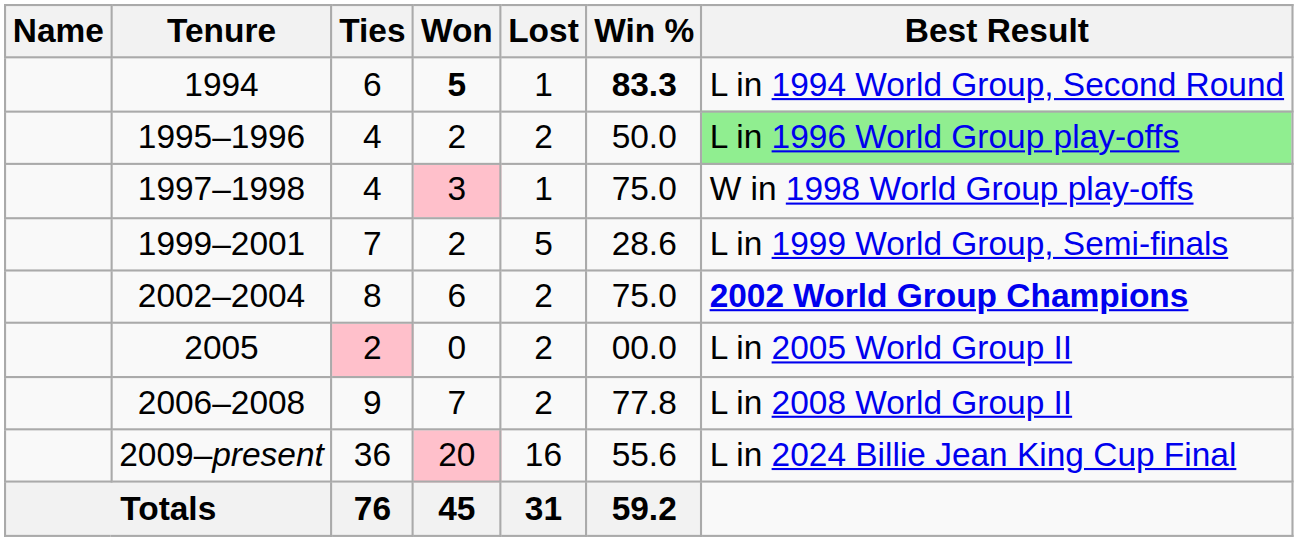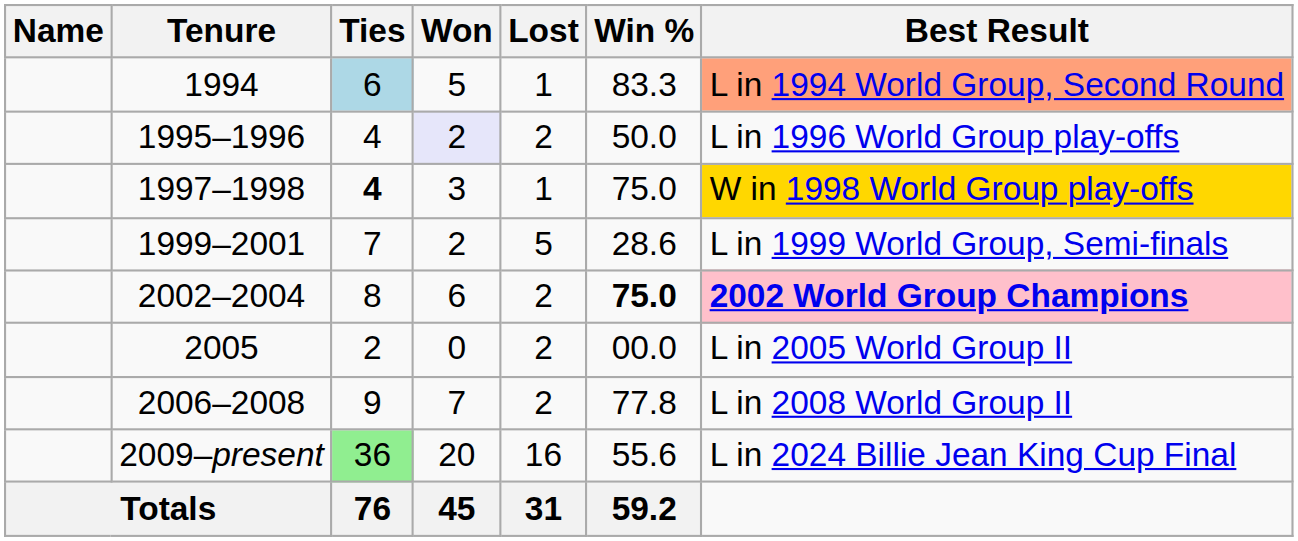 <table class="wikitable sortable" style="text-align: center;">
 <tr>
 <th>Name</th>
 <th>Tenure</th>
 <th>Ties</th>
 <th>Won</th>
 <th>Lost</th>
 <th>Win %</th>
 <th class="unsortable">Best Result</th>
 </tr>
 <tr>
 <td style="text-align: left;"> </td>
 <td>1994</td>
-<td>6</td>
-<td><strong>5</strong></td>
+<td style="background: lightblue;">6</td>
+<td>5</td>
 <td>1</td>
-<td><strong>83.3</strong></td>
-<td style="text-align: left;">L in <a href='#'>1994 World Group, Second Round</a></td>
+<td>83.3</td>
+<td style="background: lightsalmon; text-align: left;">L in <a href='#'>1994 World Group, Second Round</a></td>
 </tr>
 <tr>
 <td style="text-align: left;"> </td>
 <td>1995–1996</td>
 <td>4</td>
-<td>2</td>
+<td style="background: lavender;">2</td>
 <td>2</td>
 <td>50.0</td>
-<td style="background: lightgreen; text-align: left;">L in <a href='#'>1996 World Group play-offs</a></td>
+<td style="text-align: left;">L in <a href='#'>1996 World Group play-offs</a></td>
 </tr>
 <tr>
 <td style="text-align: left;"> </td>
 <td>1997–1998</td>
-<td>4</td>
-<td style="background: pink;">3</td>
+<td><strong>4</strong></td>
+<td>3</td>
 <td>1</td>
 <td>75.0</td>
-<td style="text-align: left;">W in <a href='#'>1998 World Group play-offs</a></td>
+<td style="background: gold; text-align: left;">W in <a href='#'>1998 World Group play-offs</a></td>
 </tr>
 <tr>
 <td style="text-align: left;"> </td>
 <td>1999–2001</td>
 <td>7</td>
 <td>2</td>
 <td>5</td>
 <td>28.6</td>
 <td style="text-align: left;">L in <a href='#'>1999 World Group, Semi-finals</a></td>
 </tr>
 <tr>
 <td style="text-align: left;"> </td>
 <td>2002–2004</td>
 <td>8</td>
 <td>6</td>
 <td>2</td>
-<td>75.0</td>
-<td style="text-align: left;"><strong><a href='#'>2002 World Group Champions</a></strong></td>
+<td><strong>75.0</strong></td>
+<td style="background: pink; text-align: left;"><strong><a href='#'>2002 World Group Champions</a></strong></td>
 </tr>
 <tr>
 <td style="text-align: left;"> </td>
 <td>2005</td>
-<td style="background: pink;">2</td>
+<td>2</td>
 <td>0</td>
 <td>2</td>
 <td>00.0</td>
 <td style="text-align: left;">L in <a href='#'>2005 World Group II</a></td>
 </tr>
 <tr>
 <td style="text-align: left;"> </td>
 <td>2006–2008</td>
 <td>9</td>
 <td>7</td>
 <td>2</td>
 <td>77.8</td>
 <td style="text-align: left;">L in <a href='#'>2008 World Group II</a></td>
 </tr>
 <tr>
 <td style="text-align: left;"> </td>
 <td>2009–<em>present</em></td>
-<td>36</td>
-<td style="background: pink;">20</td>
+<td style="background: lightgreen;">36</td>
+<td>20</td>
 <td>16</td>
 <td>55.6</td>
 <td style="text-align: left;">L in <a href='#'>2024 Billie Jean King Cup Final</a></td>
 </tr>
 <tr>
 <th colspan="2">Totals</th>
 <th>76</th>
 <th>45</th>
 <th>31</th>
 <th>59.2</th>
 </tr>
 </table>
